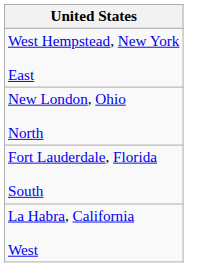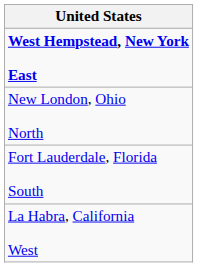 <table class="wikitable">
 <tr style="background:#bebebe;">
 <th>United States</th>
 </tr>
 <tr>
-<td> <a href='#'>West Hempstead</a>, <a href='#'>New York</a><br><br><a href='#'>East</a></td>
+<td><strong> <a href='#'>West Hempstead</a>, <a href='#'>New York</a><br><br><a href='#'>East</a></strong></td>
 </tr>
 <tr>
 <td> <a href='#'>New London</a>, <a href='#'>Ohio</a><br><br><a href='#'>North</a></td>
 </tr>
 <tr>
 <td> <a href='#'>Fort Lauderdale</a>, <a href='#'>Florida</a><br><br><a href='#'>South</a></td>
 </tr>
 <tr>
 <td> <a href='#'>La Habra</a>, <a href='#'>California</a><br><br><a href='#'>West</a></td>
 </tr>
 </table>
